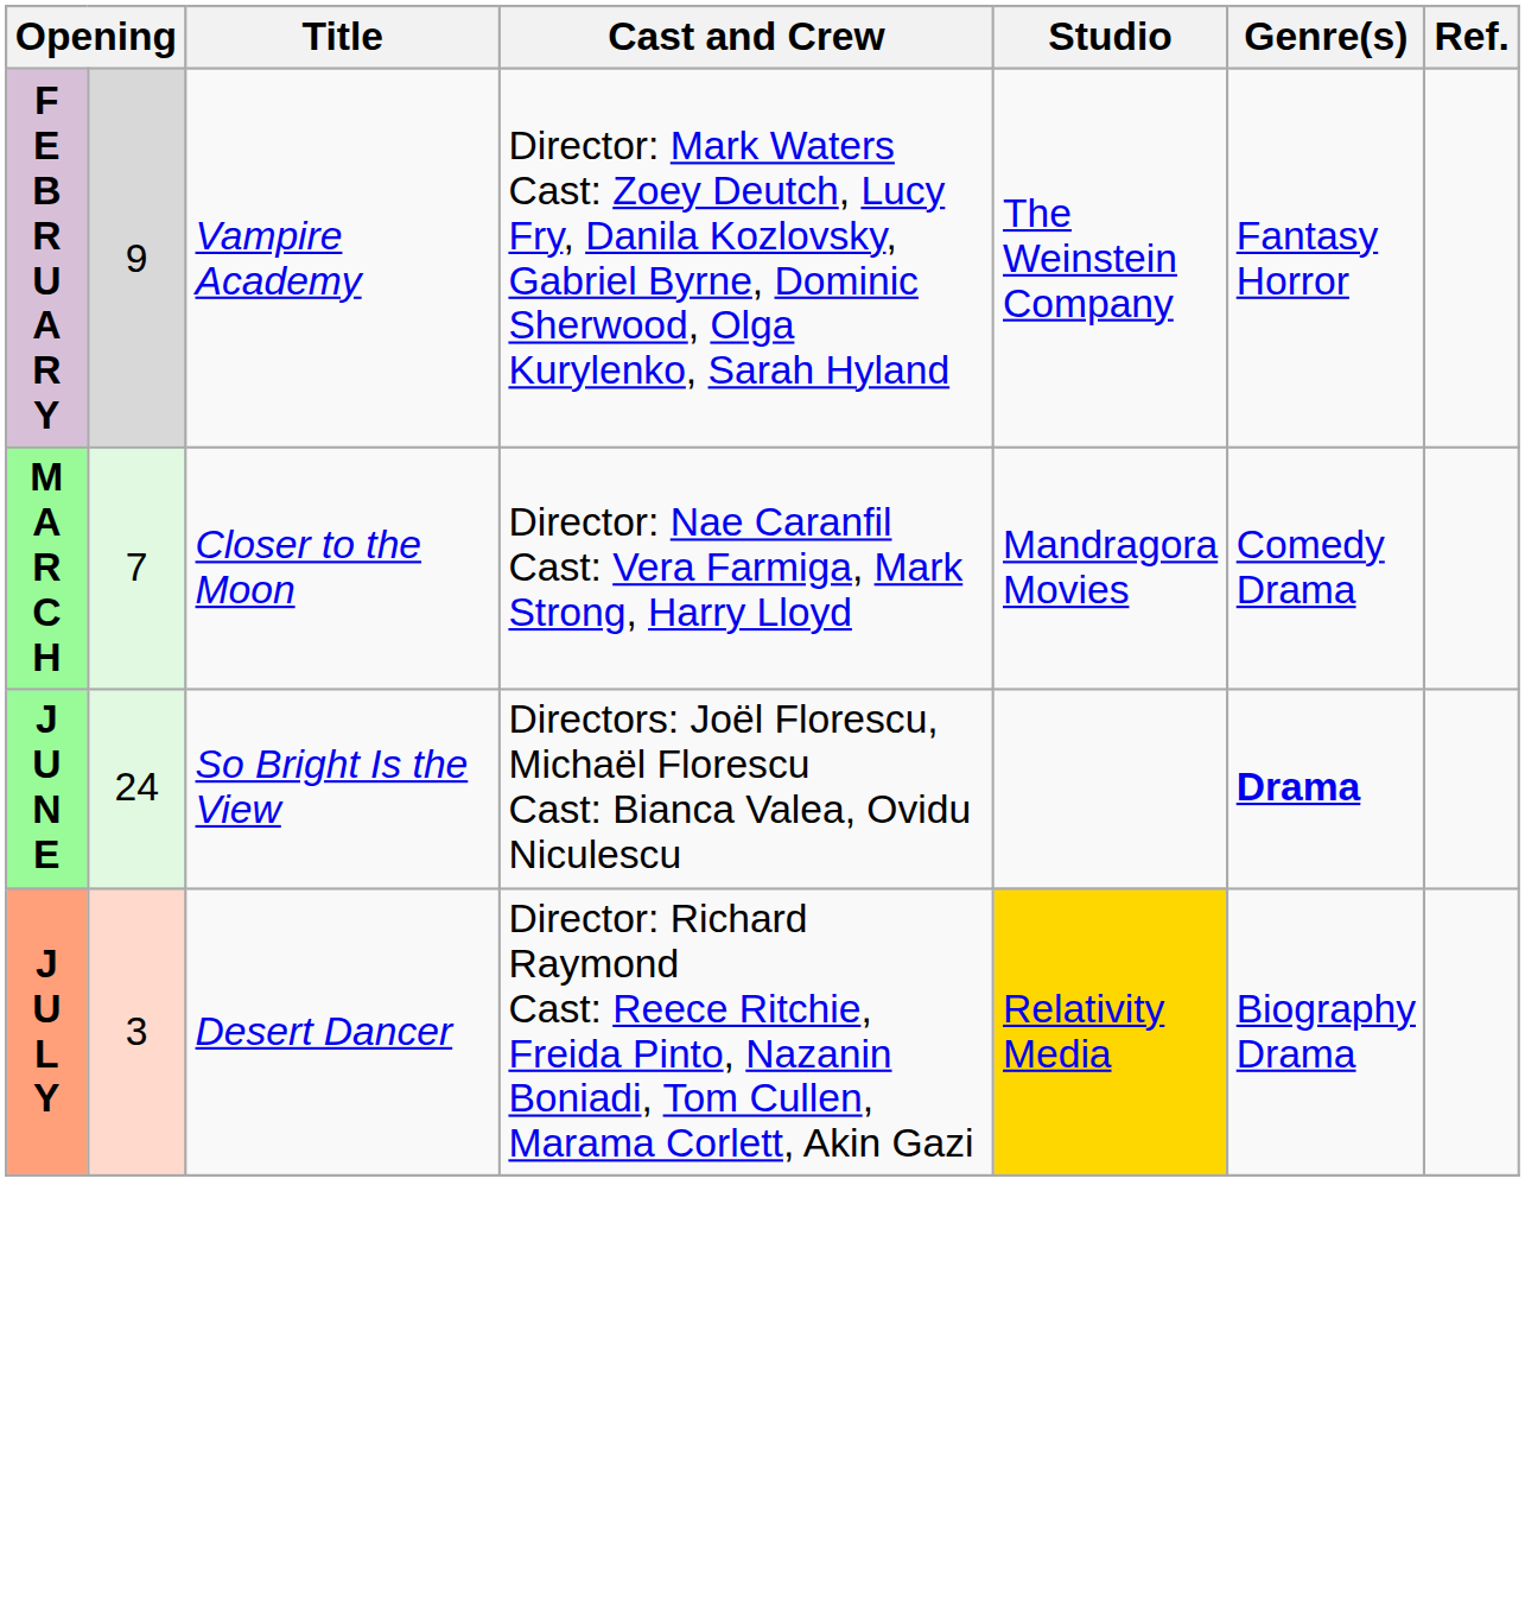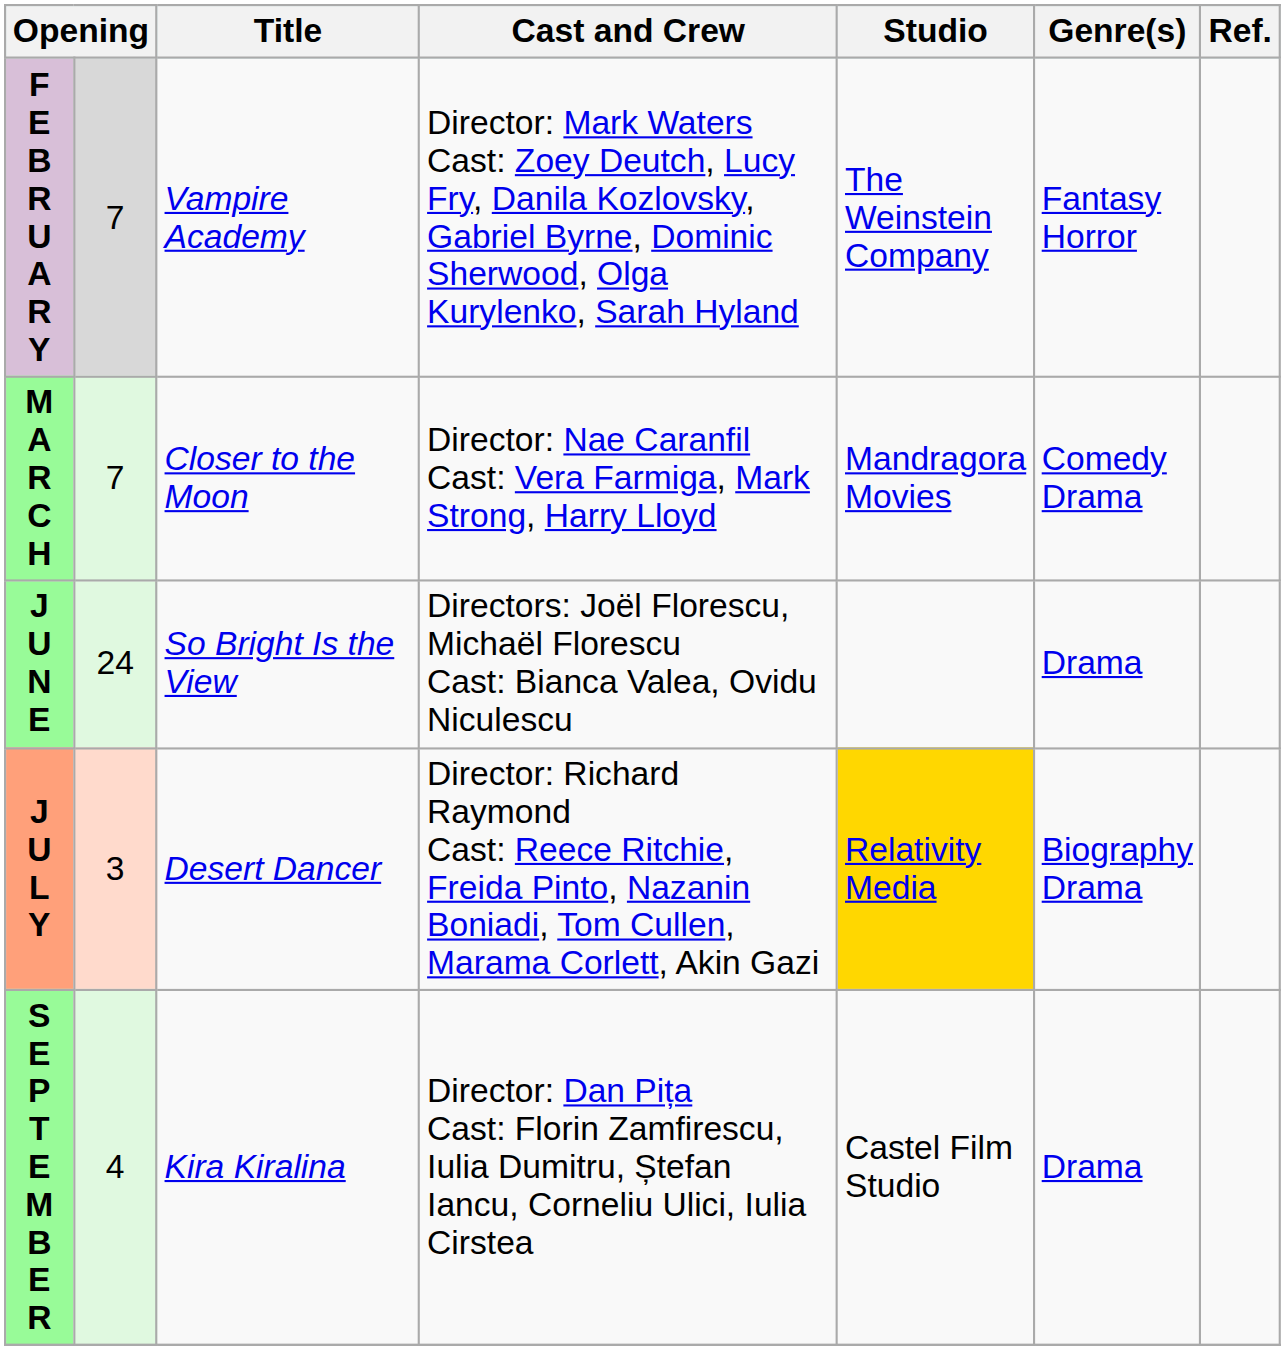 <table class="wikitable">
 <tr style="background:#b0e0e6; text-align:center;">
 <th colspan="2">Opening</th>
 <th style="width:24%;">Title</th>
 <th style="width:40%;">Cast and Crew</th>
 <th>Studio</th>
 <th style="width:10%;">Genre(s)</th>
 <th style="width:2%;">Ref.</th>
 </tr>
 <tr>
 <th rowspan="1" style="text-align:center; background:thistle; textcolor:#000;">F<br>E<br>B<br>R<br>U<br>A<br>R<br>Y</th>
-<td rowspan="1" style="text-align:center; background:#d8d8d8;">9</td>
+<td rowspan="1" style="text-align:center; background:#d8d8d8;">7</td>
 <td><em><a href='#'>Vampire Academy</a></em></td>
 <td>Director: <a href='#'>Mark Waters</a> <br> Cast: <a href='#'>Zoey Deutch</a>, <a href='#'>Lucy Fry</a>, <a href='#'>Danila Kozlovsky</a>, <a href='#'>Gabriel Byrne</a>, <a href='#'>Dominic Sherwood</a>, <a href='#'>Olga Kurylenko</a>, <a href='#'>Sarah Hyland</a></td>
 <td><a href='#'>The Weinstein Company</a></td>
 <td><a href='#'>Fantasy</a> <br> <a href='#'>Horror</a></td>
 <td style="text-align:center"></td>
 </tr>
 <tr>
 <th rowspan="1" style="text-align:center; background:#98fb98; textcolor:#000;">M<br>A<br>R<br>C<br>H</th>
 <td rowspan="1" style="text-align:center; background:#e0f9e0;">7</td>
 <td><em><a href='#'>Closer to the Moon</a></em></td>
 <td>Director: <a href='#'>Nae Caranfil</a> <br> Cast: <a href='#'>Vera Farmiga</a>, <a href='#'>Mark Strong</a>, <a href='#'>Harry Lloyd</a></td>
 <td><a href='#'>Mandragora Movies</a></td>
 <td><a href='#'>Comedy</a> <br> <a href='#'>Drama</a></td>
 <td style="text-align:center"></td>
 </tr>
 <tr>
 <th rowspan="1" style="text-align:center; background:#98fb98; textcolor:#000;">J<br>U<br>N<br>E</th>
 <td rowspan="1" style="text-align:center; background:#e0f9e0;">24</td>
 <td><em><a href='#'>So Bright Is the View</a></em></td>
 <td>Directors: Joël Florescu, Michaël Florescu <br> Cast: Bianca Valea, Ovidu Niculescu</td>
 <td></td>
-<td><strong><a href='#'>Drama</a></strong></td>
+<td><a href='#'>Drama</a></td>
 <td style="text-align:center"></td>
 </tr>
 <tr>
 <th rowspan="1" style="text-align:center; background:#ffa07a; textcolor:#000;">J<br>U<br>L<br>Y</th>
 <td rowspan="1" style="text-align:center; background:#ffdacc;">3</td>
 <td><em><a href='#'>Desert Dancer</a></em></td>
 <td>Director: Richard Raymond <br> Cast: <a href='#'>Reece Ritchie</a>, <a href='#'>Freida Pinto</a>, <a href='#'>Nazanin Boniadi</a>, <a href='#'>Tom Cullen</a>, <a href='#'>Marama Corlett</a>, Akin Gazi</td>
 <td style="background: gold;"><a href='#'>Relativity Media</a></td>
 <td><a href='#'>Biography</a> <br> <a href='#'>Drama</a></td>
 <td style="text-align:center"></td>
 </tr>
 <tr>
+<th rowspan="1" style="text-align:center; background:#98fb98; textcolor:#000;">S<br>E<br>P<br>T<br>E<br>M<br>B<br>E<br>R</th>
+<td rowspan="1" style="text-align:center; background:#e0f9e0;">4</td>
+<td><em><a href='#'>Kira Kiralina</a></em></td>
+<td>Director: <a href='#'>Dan Pița</a> <br> Cast: Florin Zamfirescu, Iulia Dumitru, Ștefan Iancu, Corneliu Ulici, Iulia Cirstea</td>
+<td>Castel Film Studio</td>
+<td><a href='#'>Drama</a></td>
+<td style="text-align:center"></td>
+</tr>
+<tr>
 </tr>
 </table>
